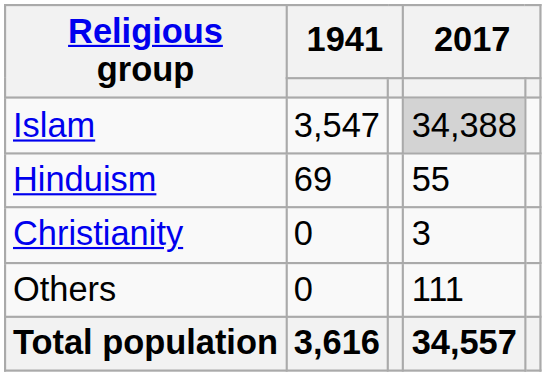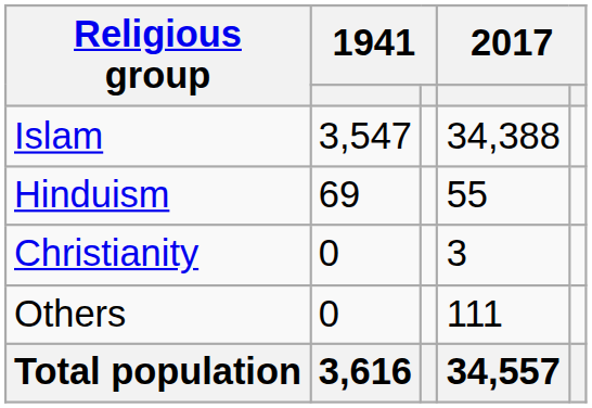 <table class="wikitable sortable">
 <tr>
 <th rowspan="2"><a href='#'>Religious</a><br>group</th>
 <th colspan="2">1941</th>
 <th colspan="2">2017</th>
 </tr>
 <tr>
 <th><a href='#'></a></th>
 <th></th>
 <th></th>
 <th></th>
 </tr>
 <tr>
 <td><a href='#'>Islam</a> </td>
 <td>3,547</td>
 <td></td>
-<td style="background: lightgrey;">34,388</td>
+<td>34,388</td>
 <td></td>
 </tr>
 <tr>
 <td><a href='#'>Hinduism</a> </td>
 <td>69</td>
 <td></td>
 <td>55</td>
 <td></td>
 </tr>
 <tr>
 <td><a href='#'>Christianity</a> </td>
 <td>0</td>
 <td></td>
 <td>3</td>
 <td></td>
 </tr>
 <tr>
 <td>Others</td>
 <td>0</td>
 <td></td>
 <td>111</td>
 <td></td>
 </tr>
 <tr>
 <th>Total population</th>
 <th>3,616</th>
 <th></th>
 <th>34,557</th>
 <th></th>
 </tr>
 </table>
